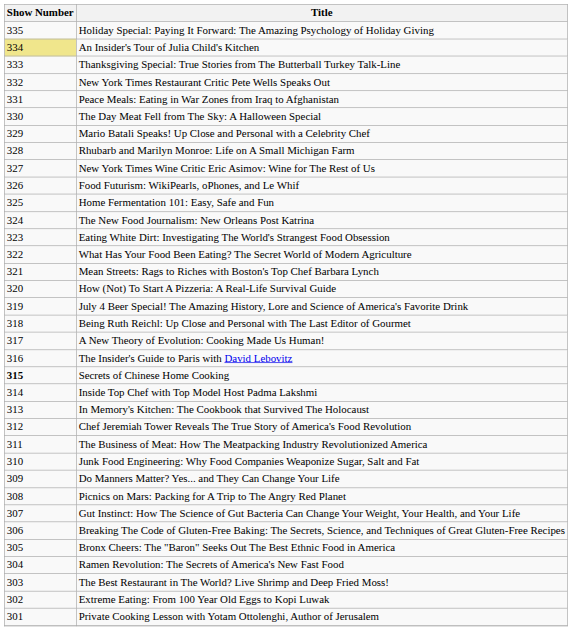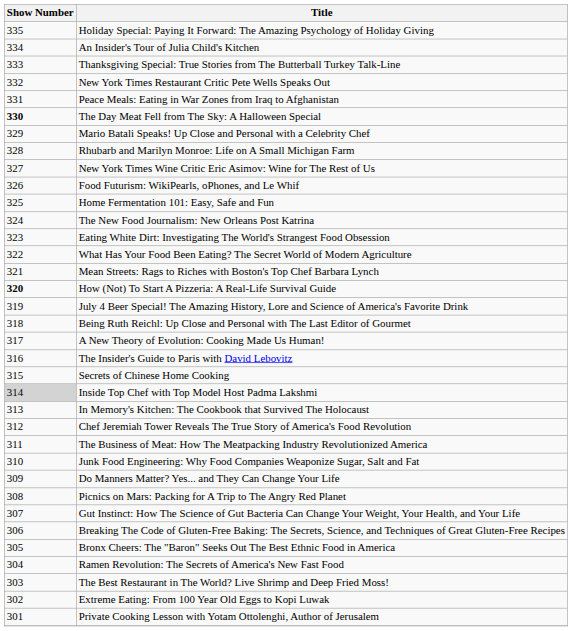 <table class=wikitable>
 <tr>
 <th>Show Number</th>
 <th>Title</th>
 </tr>
 <tr>
 <td>335</td>
 <td>Holiday Special: Paying It Forward: The Amazing Psychology of Holiday Giving</td>
 </tr>
 <tr>
-<td style="background: khaki;">334</td>
+<td>334</td>
 <td>An Insider's Tour of Julia Child's Kitchen</td>
 </tr>
 <tr>
 <td>333</td>
 <td>Thanksgiving Special: True Stories from The Butterball Turkey Talk-Line</td>
 </tr>
 <tr>
 <td>332</td>
 <td>New York Times Restaurant Critic Pete Wells Speaks Out</td>
 </tr>
 <tr>
 <td>331</td>
 <td>Peace Meals: Eating in War Zones from Iraq to Afghanistan</td>
 </tr>
 <tr>
-<td>330</td>
+<td><strong>330</strong></td>
 <td>The Day Meat Fell from The Sky: A Halloween Special</td>
 </tr>
 <tr>
 <td>329</td>
 <td>Mario Batali Speaks! Up Close and Personal with a Celebrity Chef</td>
 </tr>
 <tr>
 <td>328</td>
 <td>Rhubarb and Marilyn Monroe: Life on A Small Michigan Farm</td>
 </tr>
 <tr>
 <td>327</td>
 <td>New York Times Wine Critic Eric Asimov: Wine for The Rest of Us</td>
 </tr>
 <tr>
 <td>326</td>
 <td>Food Futurism: WikiPearls, oPhones, and Le Whif</td>
 </tr>
 <tr>
 <td>325</td>
 <td>Home Fermentation 101: Easy, Safe and Fun</td>
 </tr>
 <tr>
 <td>324</td>
 <td>The New Food Journalism: New Orleans Post Katrina</td>
 </tr>
 <tr>
 <td>323</td>
 <td>Eating White Dirt: Investigating The World's Strangest Food Obsession</td>
 </tr>
 <tr>
 <td>322</td>
 <td>What Has Your Food Been Eating? The Secret World of Modern Agriculture</td>
 </tr>
 <tr>
 <td>321</td>
 <td>Mean Streets: Rags to Riches with Boston's Top Chef Barbara Lynch</td>
 </tr>
 <tr>
-<td>320</td>
+<td><strong>320</strong></td>
 <td>How (Not) To Start A Pizzeria: A Real-Life Survival Guide</td>
 </tr>
 <tr>
 <td>319</td>
 <td>July 4 Beer Special! The Amazing History, Lore and Science of America's Favorite Drink</td>
 </tr>
 <tr>
 <td>318</td>
 <td>Being Ruth Reichl: Up Close and Personal with The Last Editor of Gourmet</td>
 </tr>
 <tr>
 <td>317</td>
 <td>A New Theory of Evolution: Cooking Made Us Human!</td>
 </tr>
 <tr>
 <td>316</td>
 <td>The Insider's Guide to Paris with <a href='#'>David Lebovitz</a></td>
 </tr>
 <tr>
-<td><strong>315</strong></td>
+<td>315</td>
 <td>Secrets of Chinese Home Cooking</td>
 </tr>
 <tr>
-<td>314</td>
+<td style="background: lightgrey;">314</td>
 <td>Inside Top Chef with Top Model Host Padma Lakshmi</td>
 </tr>
 <tr>
 <td>313</td>
 <td>In Memory's Kitchen: The Cookbook that Survived The Holocaust</td>
 </tr>
 <tr>
 <td>312</td>
 <td>Chef Jeremiah Tower Reveals The True Story of America's Food Revolution</td>
 </tr>
 <tr>
 <td>311</td>
 <td>The Business of Meat: How The Meatpacking Industry Revolutionized America</td>
 </tr>
 <tr>
 <td>310</td>
 <td>Junk Food Engineering: Why Food Companies Weaponize Sugar, Salt and Fat</td>
 </tr>
 <tr>
 <td>309</td>
 <td>Do Manners Matter? Yes... and They Can Change Your Life</td>
 </tr>
 <tr>
 <td>308</td>
 <td>Picnics on Mars: Packing for A Trip to The Angry Red Planet</td>
 </tr>
 <tr>
 <td>307</td>
 <td>Gut Instinct: How The Science of Gut Bacteria Can Change Your Weight, Your Health, and Your Life</td>
 </tr>
 <tr>
 <td>306</td>
 <td>Breaking The Code of Gluten-Free Baking: The Secrets, Science, and Techniques of Great Gluten-Free Recipes</td>
 </tr>
 <tr>
 <td>305</td>
 <td>Bronx Cheers: The "Baron" Seeks Out The Best Ethnic Food in America</td>
 </tr>
 <tr>
 <td>304</td>
 <td>Ramen Revolution: The Secrets of America's New Fast Food</td>
 </tr>
 <tr>
 <td>303</td>
 <td>The Best Restaurant in The World? Live Shrimp and Deep Fried Moss!</td>
 </tr>
 <tr>
 <td>302</td>
 <td>Extreme Eating: From 100 Year Old Eggs to Kopi Luwak</td>
 </tr>
 <tr>
 <td>301</td>
 <td>Private Cooking Lesson with Yotam Ottolenghi, Author of Jerusalem</td>
 </tr>
 <tr>
 </tr>
 </table>
